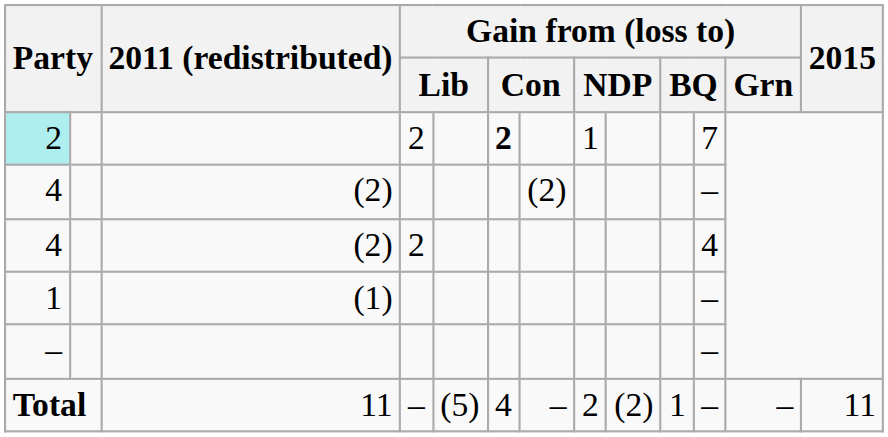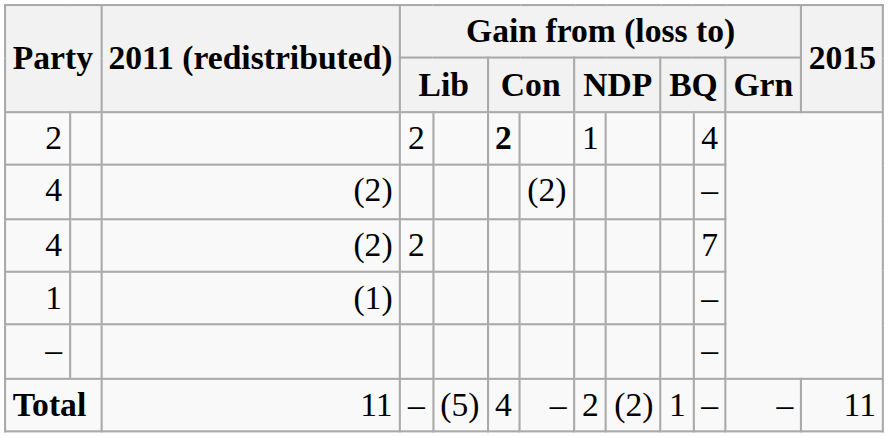 <table class="wikitable" style="text-align:right">
 <tr>
 <th rowspan="2" colspan="2">Party</th>
 <th rowspan="2">2011 (redistributed)</th>
 <th colspan="9">Gain from (loss to)</th>
 <th rowspan="2">2015</th>
 </tr>
 <tr>
 <th colspan="2">Lib</th>
 <th colspan="2">Con</th>
 <th colspan="2">NDP</th>
 <th colspan="2">BQ</th>
 <th>Grn</th>
 </tr>
 <tr>
-<td style="background: paleturquoise;">2</td>
+<td>2</td>
 <td></td>
 <td></td>
 <td>2</td>
 <td></td>
 <td><strong>2</strong></td>
 <td></td>
 <td>1</td>
 <td></td>
 <td></td>
-<td>7</td>
+<td>4</td>
 </tr>
 <tr>
 <td>4</td>
 <td></td>
 <td>(2)</td>
 <td></td>
 <td></td>
 <td></td>
 <td>(2)</td>
 <td></td>
 <td></td>
 <td></td>
 <td>–</td>
 </tr>
 <tr>
 <td>4</td>
 <td></td>
 <td>(2)</td>
 <td>2</td>
 <td></td>
 <td></td>
 <td></td>
 <td></td>
 <td></td>
 <td></td>
-<td>4</td>
+<td>7</td>
 </tr>
 <tr>
 <td>1</td>
 <td></td>
 <td>(1)</td>
 <td></td>
 <td></td>
 <td></td>
 <td></td>
 <td></td>
 <td></td>
 <td></td>
 <td>–</td>
 </tr>
 <tr>
 <td>–</td>
 <td></td>
 <td></td>
 <td></td>
 <td></td>
 <td></td>
 <td></td>
 <td></td>
 <td></td>
 <td></td>
 <td>–</td>
 </tr>
 <tr>
 <td colspan="2" style="text-align:left;"><strong>Total</strong></td>
 <td>11</td>
 <td>–</td>
 <td>(5)</td>
 <td>4</td>
 <td>–</td>
 <td>2</td>
 <td>(2)</td>
 <td>1</td>
 <td>–</td>
 <td>–</td>
 <td>11</td>
 </tr>
 </table>
